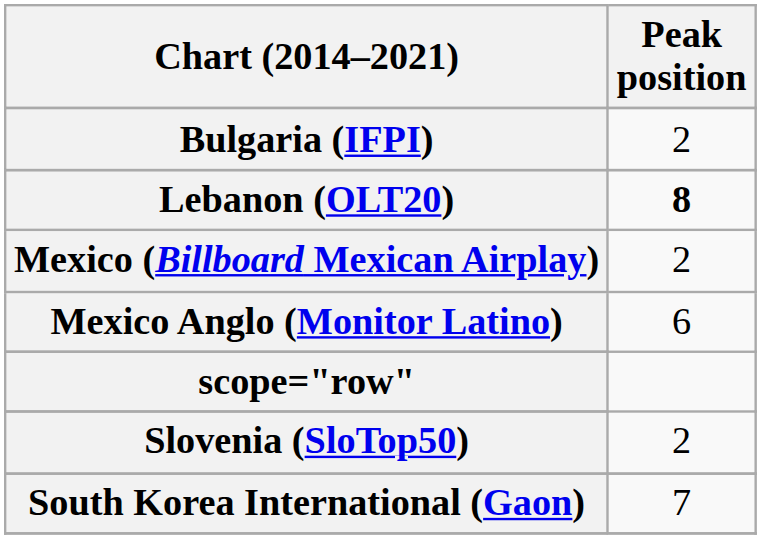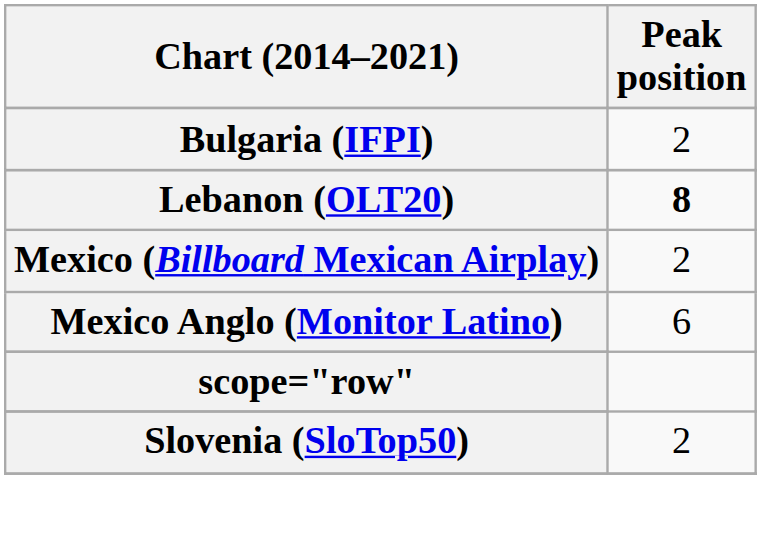 <table class="wikitable sortable plainrowheaders" style="text-align:center">
 <tr>
 <th scope="col">Chart (2014–2021)</th>
 <th scope="col">Peak<br>position</th>
 </tr>
 <tr>
 </tr>
 <tr>
 </tr>
 <tr>
 </tr>
 <tr>
 </tr>
 <tr>
 <th scope="row">Bulgaria (<a href='#'>IFPI</a>)</th>
 <td>2</td>
 </tr>
 <tr>
 </tr>
 <tr>
 </tr>
 <tr>
 </tr>
 <tr>
 </tr>
 <tr>
 </tr>
 <tr>
 </tr>
 <tr>
 </tr>
 <tr>
 </tr>
 <tr>
 </tr>
 <tr>
 </tr>
 <tr>
 </tr>
 <tr>
 </tr>
 <tr>
 </tr>
 <tr>
 </tr>
 <tr>
 </tr>
 <tr>
 </tr>
 <tr>
 </tr>
 <tr>
 </tr>
 <tr>
 <th scope="row">Lebanon (<a href='#'>OLT20</a>)</th>
 <td><strong>8</strong></td>
 </tr>
 <tr>
 <th scope="row">Mexico (<a href='#'><em>Billboard</em> Mexican Airplay</a>)</th>
 <td>2</td>
 </tr>
 <tr>
 <th scope="row">Mexico Anglo (<a href='#'>Monitor Latino</a>)</th>
 <td>6</td>
 </tr>
 <tr>
 </tr>
 <tr>
 </tr>
 <tr>
 </tr>
 <tr>
 </tr>
 <tr>
 </tr>
 <tr>
 <th>scope="row"</th>
 </tr>
 <tr>
 </tr>
 <tr>
 </tr>
 <tr>
 </tr>
 <tr>
 <th scope="row">Slovenia (<a href='#'>SloTop50</a>)</th>
 <td>2</td>
 </tr>
 <tr>
 </tr>
 <tr>
-<th scope="row">South Korea International (<a href='#'>Gaon</a>)</th>
-<td>7</td>
-</tr>
-<tr>
 </tr>
 <tr>
 </tr>
 <tr>
 </tr>
 <tr>
 </tr>
 <tr>
 </tr>
 <tr>
 </tr>
 <tr>
 </tr>
 <tr>
 </tr>
 <tr>
 </tr>
 <tr>
 </tr>
 <tr>
 </tr>
 <tr>
 </tr>
 </table>
